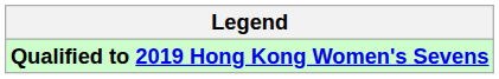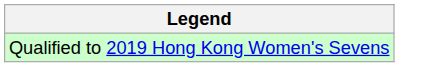 <table class="wikitable" style="font-size:92%;">
 <tr>
 <th colspan=1>Legend</th>
 </tr>
 <tr bgcolor=ccffcc>
-<td><strong>Qualified to <a href='#'>2019 Hong Kong Women's Sevens</a></strong></td>
+<td>Qualified to <a href='#'>2019 Hong Kong Women's Sevens</a></td>
 </tr>
 </table>
